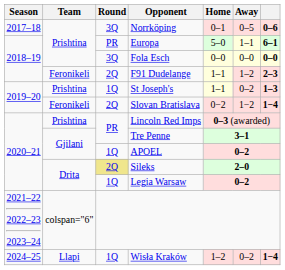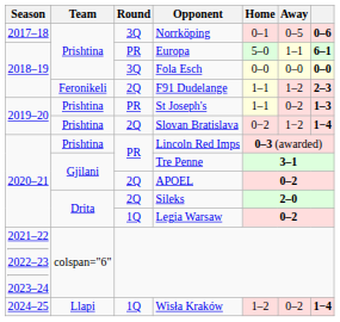 <table class="wikitable" style="text-align: center;">
 <tr>
 <th>Season</th>
 <th>Team</th>
 <th>Round</th>
 <th>Opponent</th>
 <th>Home</th>
 <th>Away</th>
 <th></th>
 </tr>
 <tr>
 <td><a href='#'>2017–18</a></td>
 <td rowspan="3"><a href='#'>Prishtina</a></td>
 <td><a href='#'>3Q</a></td>
 <td align="left"> <a href='#'>Norrköping</a></td>
 <td bgcolor="#FFDDDD">0–1</td>
 <td bgcolor="#FFDDDD">0–5</td>
 <td bgcolor="#FFDDDD"><strong>0–6</strong></td>
 </tr>
 <tr>
 <td rowspan="3"><a href='#'>2018–19</a></td>
 <td><a href='#'>PR</a></td>
 <td align="left"> <a href='#'>Europa</a></td>
 <td bgcolor="#DDFFDD">5–0</td>
 <td bgcolor="#FFFFDD">1–1</td>
 <td bgcolor="#DDFFDD"><strong>6–1</strong></td>
 </tr>
 <tr>
 <td><a href='#'>3Q</a></td>
 <td align="left"> <a href='#'>Fola Esch</a></td>
 <td bgcolor="#FFFFDD">0–0 </td>
 <td bgcolor="#FFFFDD">0–0</td>
 <td bgcolor="#FFFFDD"><strong>0–0 </strong></td>
 </tr>
 <tr>
 <td><a href='#'>Feronikeli</a></td>
 <td><a href='#'>2Q</a></td>
 <td align="left"> <a href='#'>F91 Dudelange</a></td>
 <td bgcolor="#FFFFDD">1–1</td>
 <td bgcolor="#FFDDDD">1–2</td>
 <td bgcolor="#FFDDDD"><strong>2–3</strong></td>
 </tr>
 <tr>
 <td rowspan="2"><a href='#'>2019–20</a></td>
 <td><a href='#'>Prishtina</a></td>
-<td><a href='#'>1Q</a></td>
+<td><a href='#'>PR</a></td>
 <td align="left"> <a href='#'>St Joseph's</a></td>
 <td bgcolor="#FFFFDD">1–1</td>
 <td bgcolor="#FFDDDD">0–2</td>
 <td bgcolor="#FFDDDD"><strong>1–3</strong></td>
 </tr>
 <tr>
-<td><a href='#'>Feronikeli</a></td>
+<td><a href='#'>Prishtina</a></td>
 <td><a href='#'>2Q</a></td>
 <td align="left"> <a href='#'>Slovan Bratislava</a></td>
 <td bgcolor="#FFDDDD">0−2</td>
 <td bgcolor="#FFDDDD">1−2</td>
 <td bgcolor="#FFDDDD"><strong>1−4</strong></td>
 </tr>
 <tr>
 <td rowspan="5"><a href='#'>2020–21</a></td>
 <td><a href='#'>Prishtina</a></td>
 <td rowspan="2"><a href='#'>PR</a></td>
 <td align="left"> <a href='#'>Lincoln Red Imps</a></td>
 <td bgcolor="#FFDDDD" colspan="3"><strong>0–3</strong> (awarded)</td>
 </tr>
 <tr>
 <td rowspan="2"><a href='#'>Gjilani</a></td>
 <td align="left"> <a href='#'>Tre Penne</a></td>
 <td bgcolor="#DDFFDD" colspan="3"><strong>3–1</strong></td>
 </tr>
 <tr>
-<td><a href='#'>1Q</a></td>
+<td><a href='#'>2Q</a></td>
 <td align="left"> <a href='#'>APOEL</a></td>
 <td bgcolor="#FFDDDD" colspan="3"><strong>0–2</strong> </td>
 </tr>
 <tr>
 <td rowspan="2"><a href='#'>Drita</a></td>
-<td style="background: khaki;"><a href='#'>2Q</a></td>
+<td><a href='#'>2Q</a></td>
 <td align="left"> <a href='#'>Sileks</a></td>
 <td bgcolor="#DDFFDD" colspan="3"><strong>2–0</strong></td>
 </tr>
 <tr>
 <td><a href='#'>1Q</a></td>
 <td align="left"> <a href='#'>Legia Warsaw</a></td>
 <td bgcolor="#FFDDDD" colspan="3"><strong>0–2</strong></td>
 </tr>
 <tr>
 <td><a href='#'>2021–22</a><hr><a href='#'>2022–23</a><hr><a href='#'>2023–24</a></td>
 <td>colspan="6" </td>
 </tr>
 <tr>
 <td><a href='#'>2024–25</a></td>
 <td rowspan="3"><a href='#'>Llapi</a></td>
 <td><a href='#'>1Q</a></td>
 <td align="left"> <a href='#'>Wisła Kraków</a></td>
 <td bgcolor="#FFDDDD">1–2</td>
 <td bgcolor="#FFDDDD">0–2</td>
 <td bgcolor="#FFDDDD"><strong>1−4</strong></td>
 </tr>
 </table>
